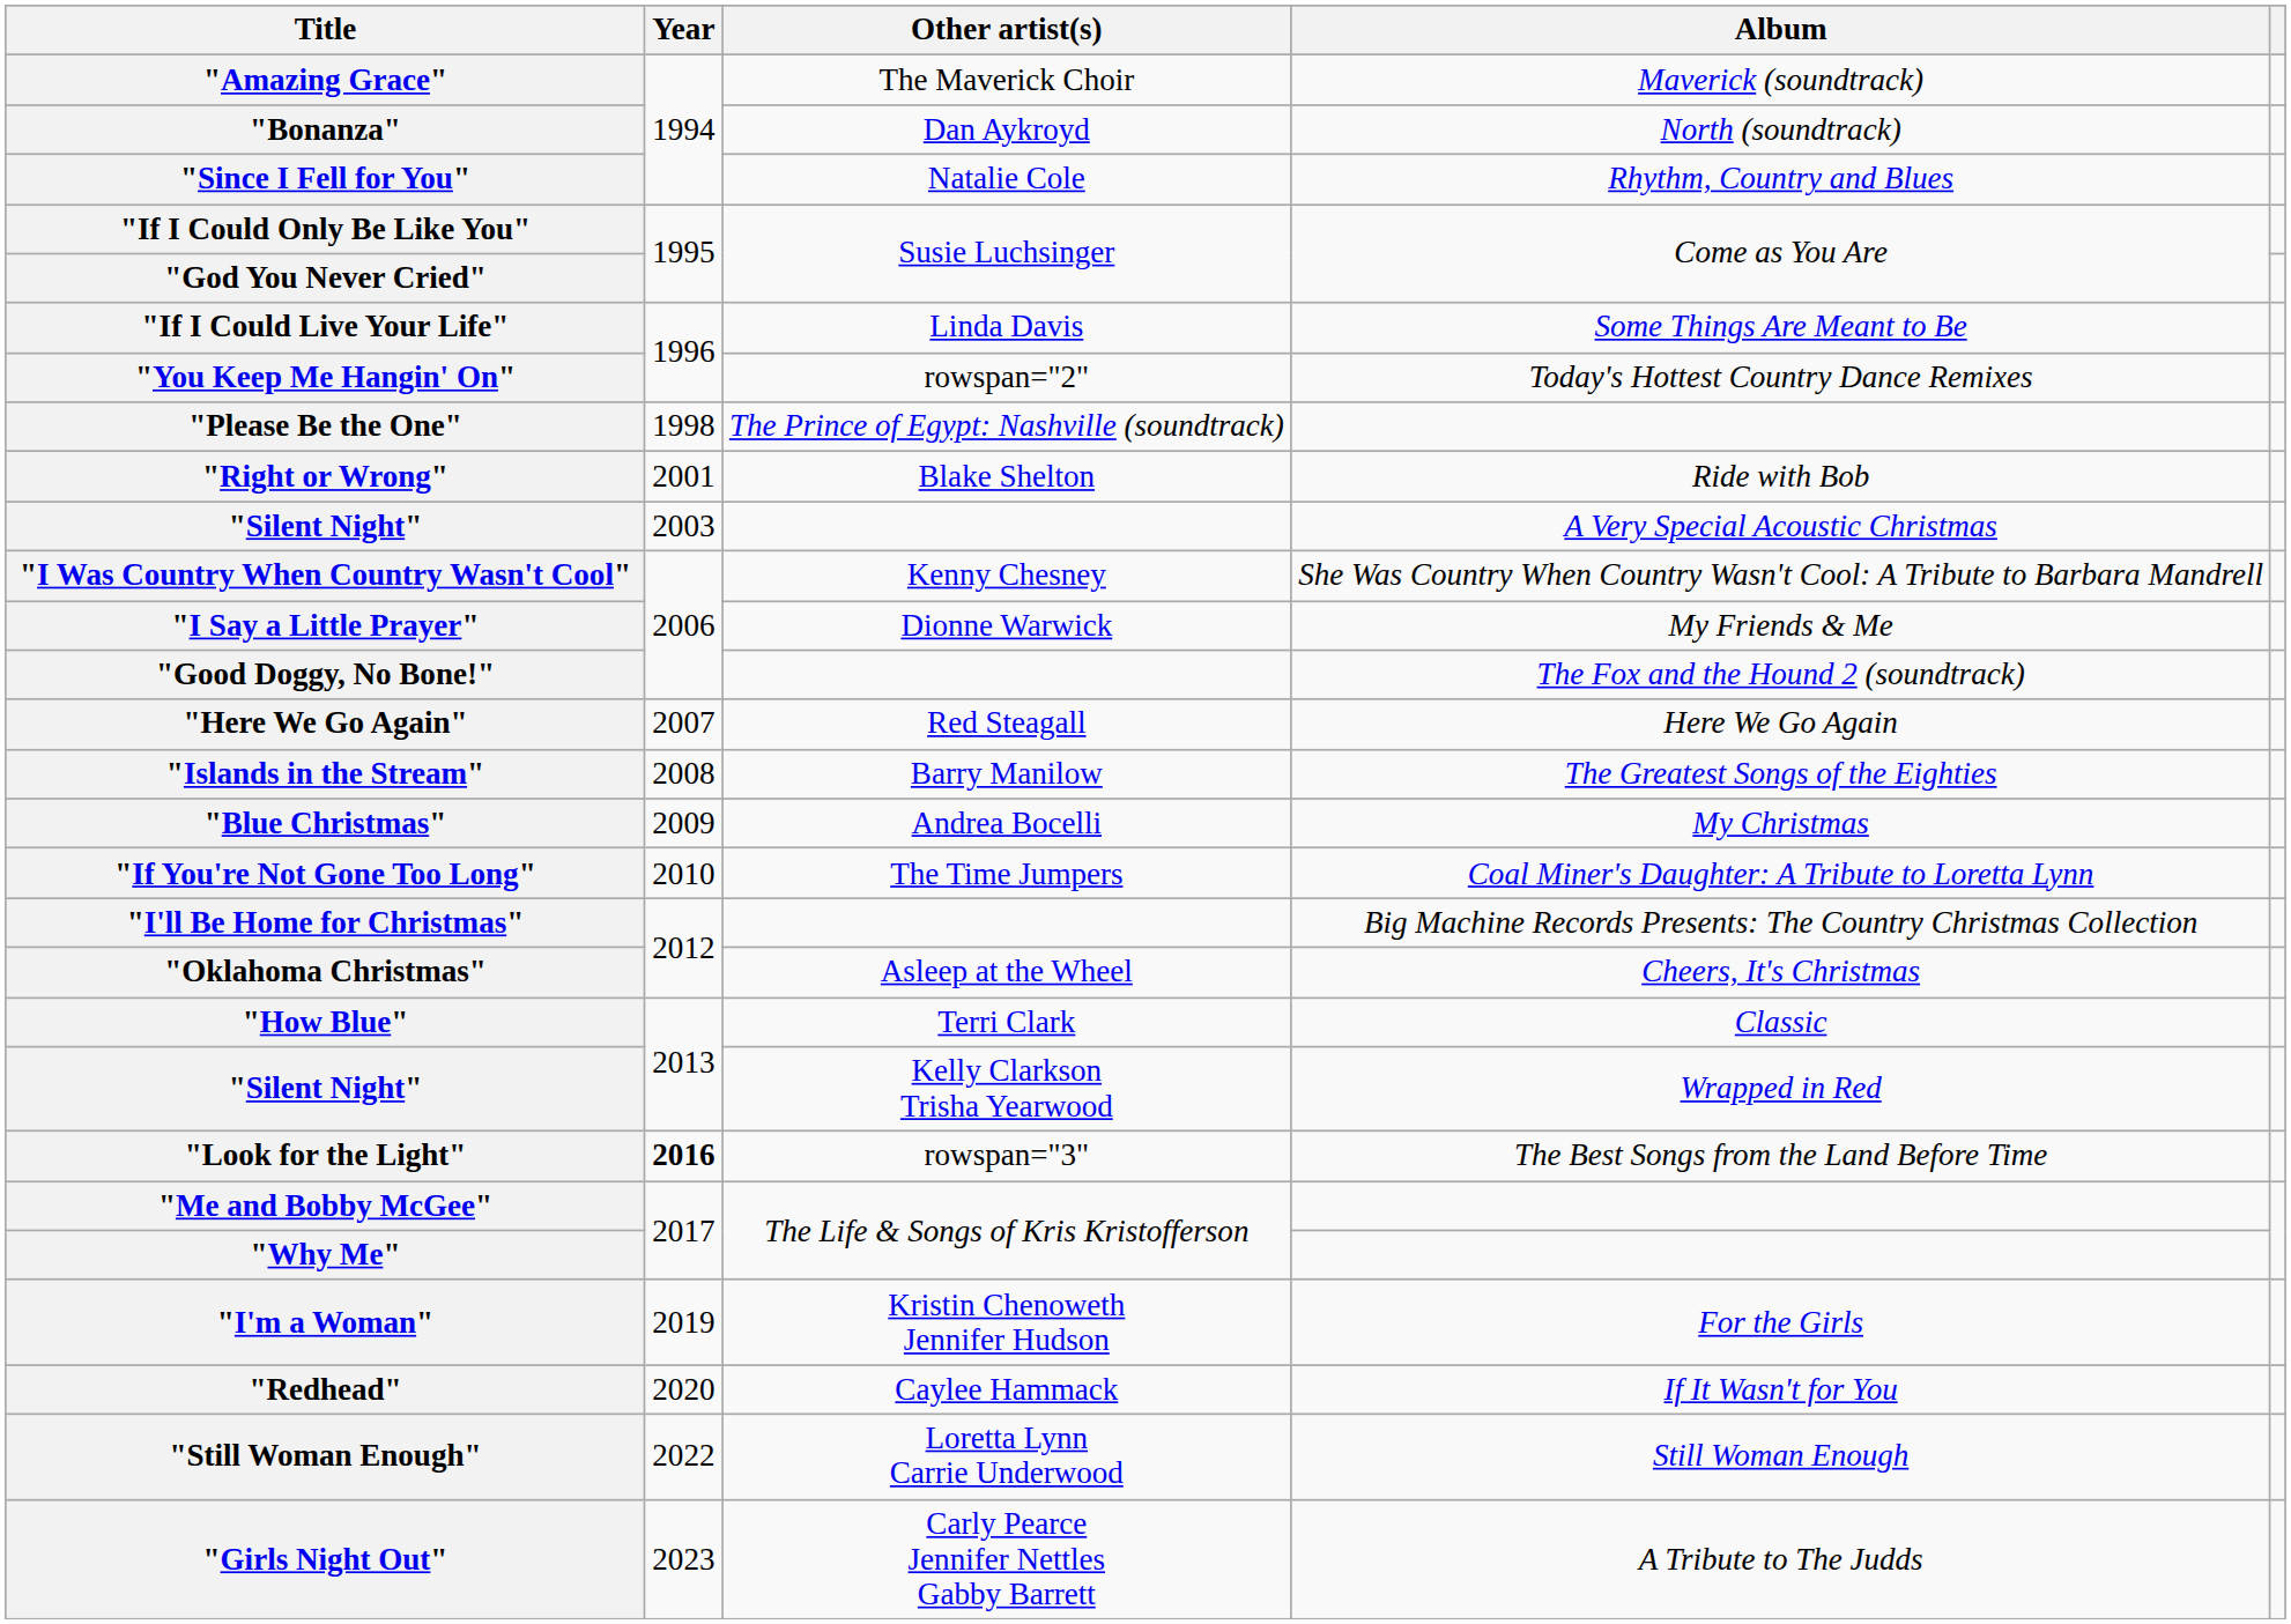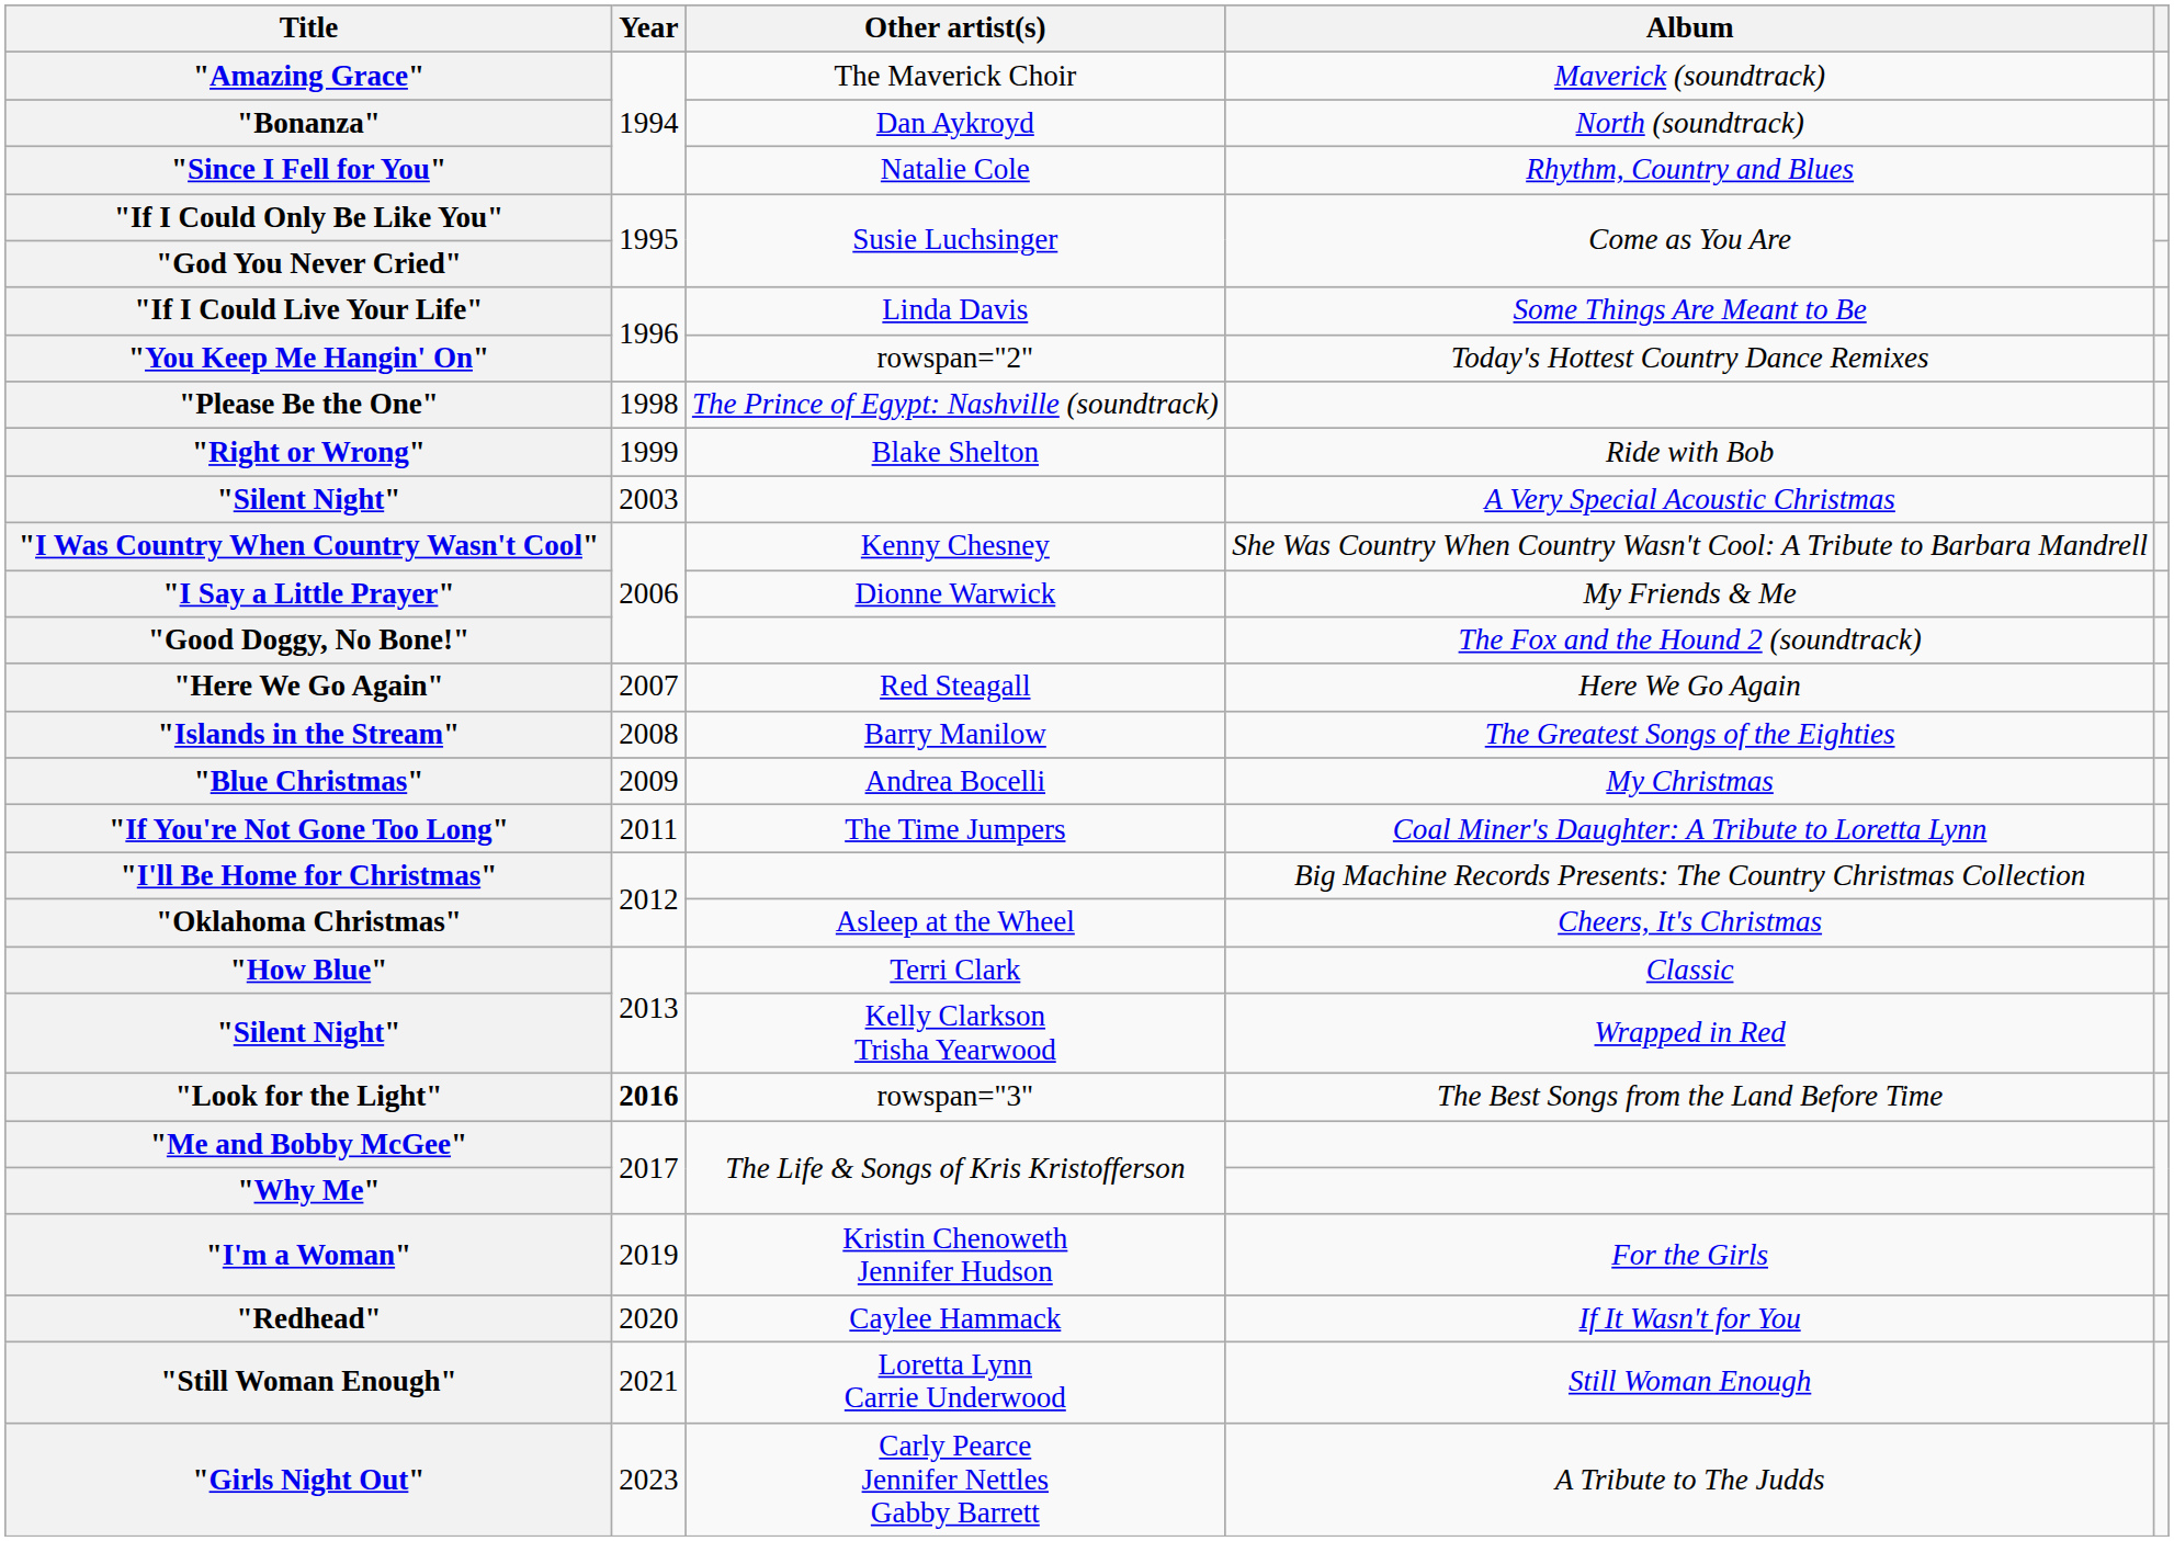 <table class="wikitable plainrowheaders" style="text-align:center;" border="1">
 <tr>
 <th scope="col" style="width:20em;">Title</th>
 <th scope="col">Year</th>
 <th scope="col">Other artist(s)</th>
 <th scope="col">Album</th>
 <th scope="col"></th>
 </tr>
 <tr>
 <th scope="row">"<a href='#'>Amazing Grace</a>"</th>
 <td rowspan="3">1994</td>
 <td>The Maverick Choir</td>
 <td><em><a href='#'>Maverick</a> (soundtrack)</em></td>
 <td></td>
 </tr>
 <tr>
 <th scope="row">"Bonanza"</th>
 <td><a href='#'>Dan Aykroyd</a></td>
 <td><em><a href='#'>North</a> (soundtrack)</em></td>
 <td></td>
 </tr>
 <tr>
 <th scope="row">"<a href='#'>Since I Fell for You</a>"</th>
 <td><a href='#'>Natalie Cole</a></td>
 <td><em><a href='#'>Rhythm, Country and Blues</a></em></td>
 <td></td>
 </tr>
 <tr>
 <th scope="row">"If I Could Only Be Like You"</th>
 <td rowspan="2">1995</td>
 <td rowspan="2"><a href='#'>Susie Luchsinger</a></td>
 <td rowspan="2"><em>Come as You Are</em></td>
 <td></td>
 </tr>
 <tr>
 <th scope="row">"God You Never Cried"</th>
 <td></td>
 </tr>
 <tr>
 <th scope="row">"If I Could Live Your Life"</th>
 <td rowspan="2">1996</td>
 <td><a href='#'>Linda Davis</a></td>
 <td><em><a href='#'>Some Things Are Meant to Be</a></em></td>
 <td></td>
 </tr>
 <tr>
 <th scope="row">"<a href='#'>You Keep Me Hangin' On</a>" </th>
 <td>rowspan="2" </td>
 <td><em>Today's Hottest Country Dance Remixes</em></td>
 <td></td>
 </tr>
 <tr>
 <th scope="row">"Please Be the One"</th>
 <td>1998</td>
 <td><em><a href='#'>The Prince of Egypt: Nashville</a> (soundtrack)</em></td>
 <td></td>
 </tr>
 <tr>
 <th scope="row">"<a href='#'>Right or Wrong</a>"</th>
-<td>2001</td>
+<td>1999</td>
 <td><a href='#'>Blake Shelton</a></td>
 <td><em>Ride with Bob</em></td>
 <td></td>
 </tr>
 <tr>
 <th scope="row">"<a href='#'>Silent Night</a>"</th>
 <td>2003</td>
 <td></td>
 <td><em><a href='#'>A Very Special Acoustic Christmas</a></em></td>
 <td></td>
 </tr>
 <tr>
 <th scope="row">"<a href='#'>I Was Country When Country Wasn't Cool</a>"</th>
 <td rowspan="3">2006</td>
 <td><a href='#'>Kenny Chesney</a></td>
 <td><em>She Was Country When Country Wasn't Cool: A Tribute to Barbara Mandrell</em></td>
 <td></td>
 </tr>
 <tr>
 <th scope="row">"<a href='#'>I Say a Little Prayer</a>"</th>
 <td><a href='#'>Dionne Warwick</a></td>
 <td><em>My Friends & Me</em></td>
 <td></td>
 </tr>
 <tr>
 <th scope="row">"Good Doggy, No Bone!"</th>
 <td></td>
 <td><em><a href='#'>The Fox and the Hound 2</a> (soundtrack)</em></td>
 <td></td>
 </tr>
 <tr>
 <th scope="row">"Here We Go Again"</th>
 <td>2007</td>
 <td><a href='#'>Red Steagall</a></td>
 <td><em>Here We Go Again</em></td>
 <td></td>
 </tr>
 <tr>
 <th scope="row">"<a href='#'>Islands in the Stream</a>"</th>
 <td>2008</td>
 <td><a href='#'>Barry Manilow</a></td>
 <td><em><a href='#'>The Greatest Songs of the Eighties</a></em></td>
 <td></td>
 </tr>
 <tr>
 <th scope="row">"<a href='#'>Blue Christmas</a>"</th>
 <td>2009</td>
 <td><a href='#'>Andrea Bocelli</a></td>
 <td><em><a href='#'>My Christmas</a></em></td>
 <td></td>
 </tr>
 <tr>
 <th scope="row">"<a href='#'>If You're Not Gone Too Long</a>"</th>
-<td>2010</td>
+<td>2011</td>
 <td><a href='#'>The Time Jumpers</a></td>
 <td><em><a href='#'>Coal Miner's Daughter: A Tribute to Loretta Lynn</a></em></td>
 <td></td>
 </tr>
 <tr>
 <th scope="row">"<a href='#'>I'll Be Home for Christmas</a>"</th>
 <td rowspan="2">2012</td>
 <td></td>
 <td><em>Big Machine Records Presents: The Country Christmas Collection</em></td>
 <td></td>
 </tr>
 <tr>
 <th scope="row">"Oklahoma Christmas"</th>
 <td><a href='#'>Asleep at the Wheel</a></td>
 <td><em><a href='#'>Cheers, It's Christmas</a></em></td>
 <td></td>
 </tr>
 <tr>
 <th scope="row">"<a href='#'>How Blue</a>"</th>
 <td rowspan="2">2013</td>
 <td><a href='#'>Terri Clark</a></td>
 <td><em><a href='#'>Classic</a></em></td>
 <td></td>
 </tr>
 <tr>
 <th scope="row">"<a href='#'>Silent Night</a>"</th>
 <td><a href='#'>Kelly Clarkson</a><br><a href='#'>Trisha Yearwood</a></td>
 <td><em><a href='#'>Wrapped in Red</a></em></td>
 <td></td>
 </tr>
 <tr>
 <th scope="row">"Look for the Light"</th>
 <td><strong>2016</strong></td>
 <td>rowspan="3" </td>
 <td><em>The Best Songs from the Land Before Time</em></td>
 <td></td>
 </tr>
 <tr>
 <th scope="row">"<a href='#'>Me and Bobby McGee</a>"</th>
 <td rowspan="2">2017</td>
 <td rowspan="2"><em>The Life & Songs of Kris Kristofferson</em></td>
 <td></td>
 </tr>
 <tr>
 <th scope="row">"<a href='#'>Why Me</a>"</th>
 <td></td>
 </tr>
 <tr>
 <th scope="row">"<a href='#'>I'm a Woman</a>"</th>
 <td>2019</td>
 <td><a href='#'>Kristin Chenoweth</a><br><a href='#'>Jennifer Hudson</a></td>
 <td><em><a href='#'>For the Girls</a></em></td>
 <td></td>
 </tr>
 <tr>
 <th scope="row">"Redhead"</th>
 <td>2020</td>
 <td><a href='#'>Caylee Hammack</a></td>
 <td><em><a href='#'>If It Wasn't for You</a></em></td>
 <td></td>
 </tr>
 <tr>
 <th scope="row">"Still Woman Enough"</th>
-<td>2022</td>
+<td>2021</td>
 <td><a href='#'>Loretta Lynn</a><br><a href='#'>Carrie Underwood</a></td>
 <td><em><a href='#'>Still Woman Enough</a></em></td>
 <td></td>
 </tr>
 <tr>
 <th scope="row">"<a href='#'>Girls Night Out</a>"</th>
 <td>2023</td>
 <td><a href='#'>Carly Pearce</a><br><a href='#'>Jennifer Nettles</a><br><a href='#'>Gabby Barrett</a></td>
 <td><em>A Tribute to The Judds</em></td>
 <td></td>
 </tr>
 <tr>
 </tr>
 </table>
